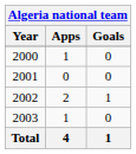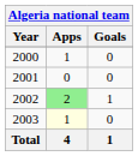 <table class="wikitable" style="text-align:center">
 <tr>
 <th colspan=3><a href='#'>Algeria national team</a></th>
 </tr>
 <tr>
 <th>Year</th>
 <th>Apps</th>
 <th>Goals</th>
 </tr>
 <tr>
 </tr>
 <tr>
 <td>2000</td>
 <td>1</td>
 <td>0</td>
 </tr>
 <tr>
 <td>2001</td>
 <td>0</td>
 <td>0</td>
 </tr>
 <tr>
 <td>2002</td>
-<td>2</td>
+<td style="background: lightgreen;">2</td>
 <td>1</td>
 </tr>
 <tr>
 <td>2003</td>
-<td>1</td>
+<td style="background: lightyellow;">1</td>
 <td>0</td>
 </tr>
 <tr>
 <th>Total</th>
 <th>4</th>
 <th>1</th>
 </tr>
 </table>
